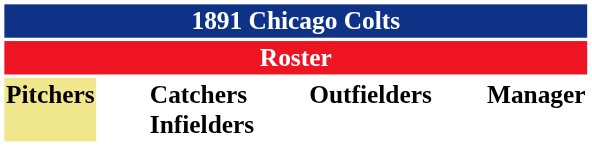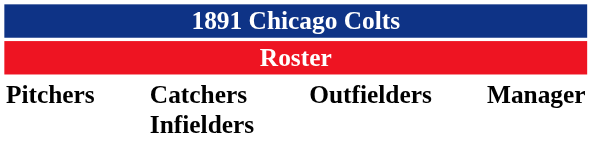 <table class="toccolours" style="font-size: 95%;">
 <tr>
 <th colspan="10" style="background-color: #0e3386; color: white; text-align: center;">1891 Chicago Colts</th>
 </tr>
 <tr>
 <td colspan="10" style="background-color: #EE1422; color: white; text-align: center;"><strong>Roster</strong></td>
 </tr>
 <tr>
-<td valign="top" style="background: khaki;"><strong>Pitchers</strong><br>     </td>
+<td valign="top"><strong>Pitchers</strong><br>     </td>
 <td width="25px"></td>
 <td valign="top"><strong>Catchers</strong><br>      <strong>Infielders</strong>     </td>
 <td width="25px"></td>
 <td valign="top"><strong>Outfielders</strong><br>   </td>
 <td width="25px"></td>
 <td valign="top"><strong>Manager</strong><br></td>
 </tr>
 <tr>
 </tr>
 </table>
